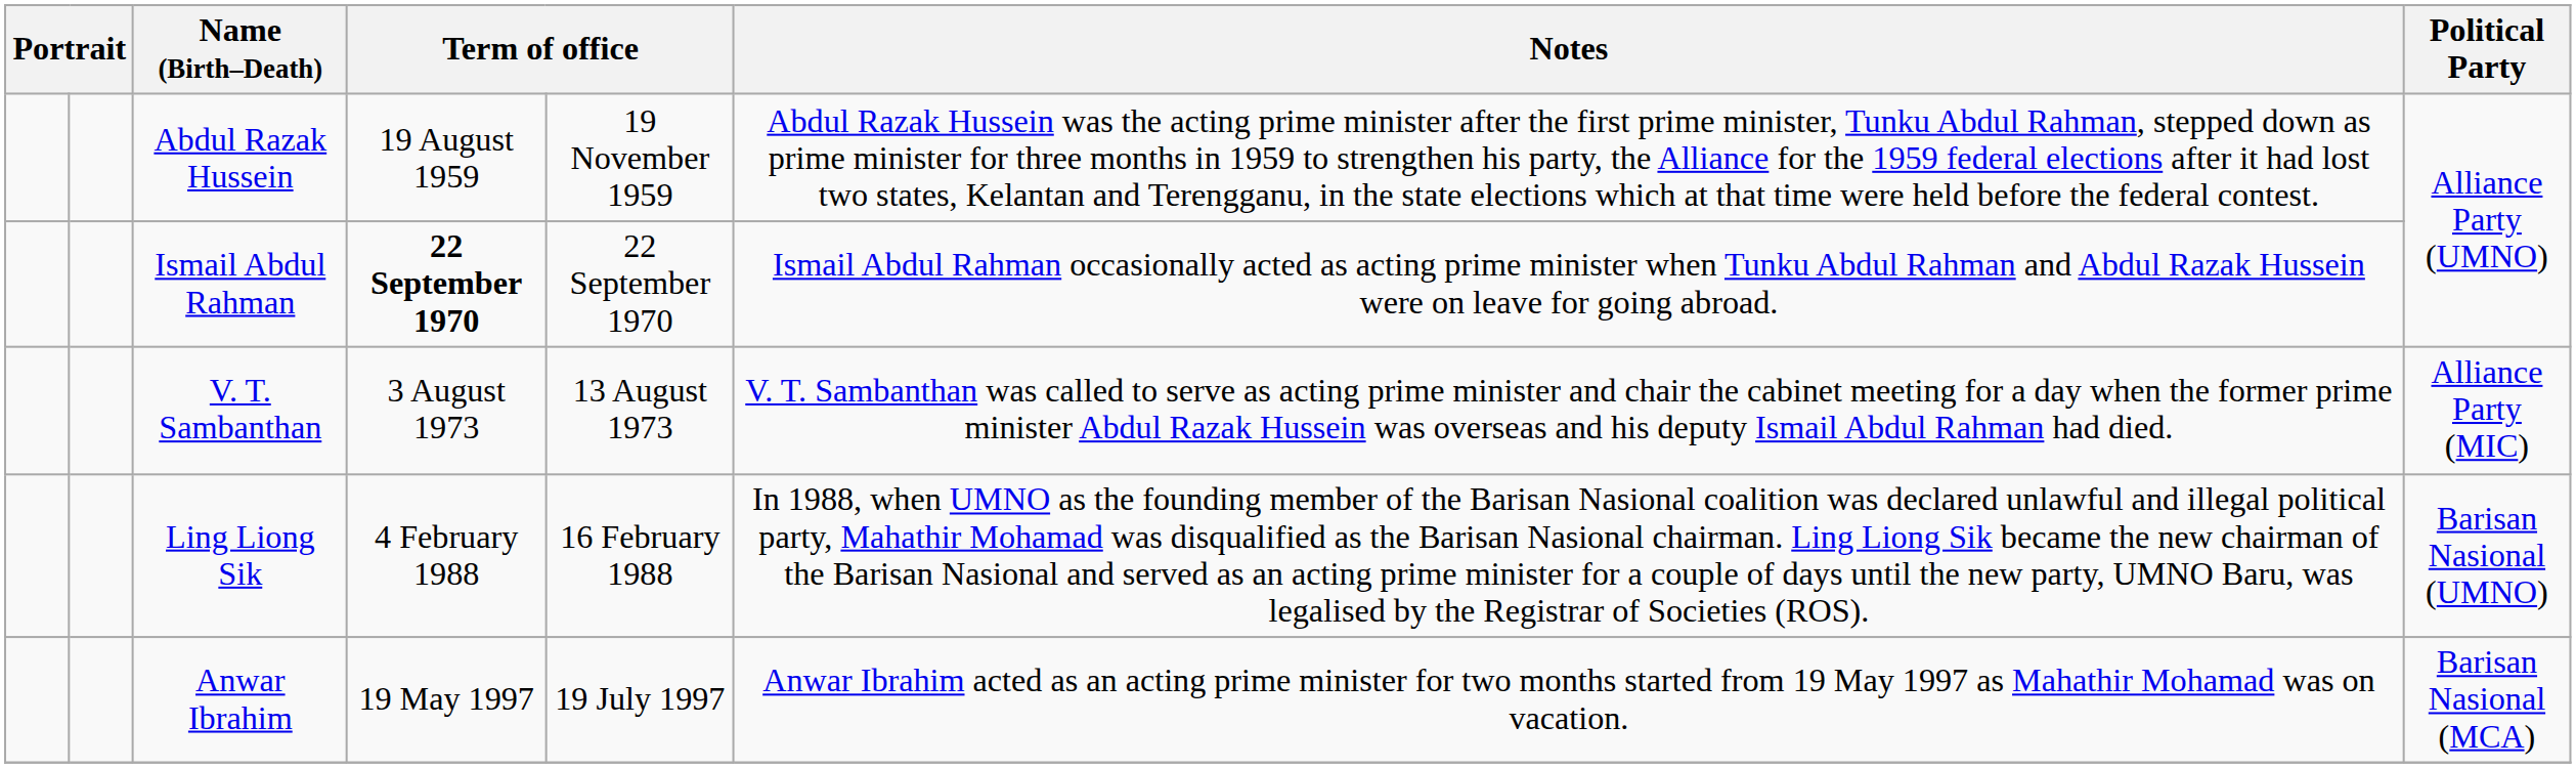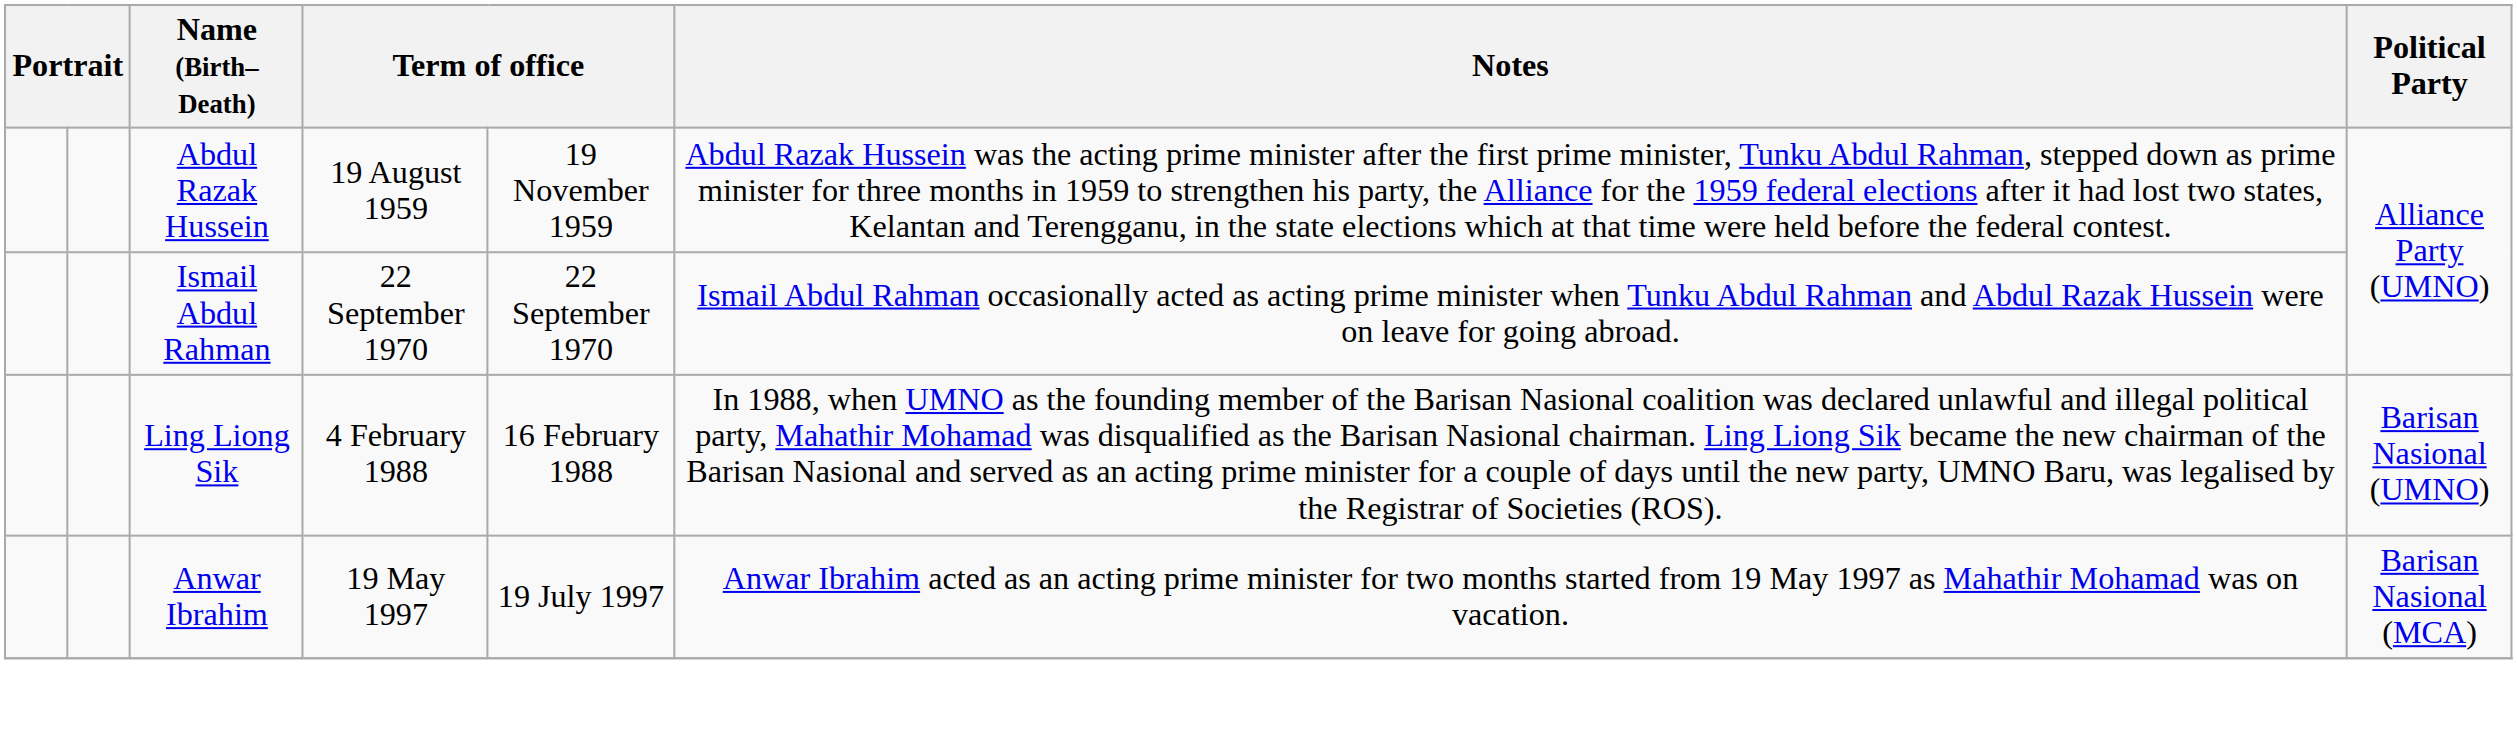 <table class="wikitable" style="text-align:center">
 <tr>
 <th colspan="2">Portrait</th>
 <th>Name<br><small>(Birth–Death)</small></th>
 <th colspan="2">Term of office</th>
 <th>Notes</th>
 <th>Political Party</th>
 </tr>
 <tr>
 <td></td>
 <td></td>
 <td><a href='#'>Abdul Razak Hussein</a><br></td>
 <td>19 August 1959</td>
 <td>19 November 1959</td>
 <td><a href='#'>Abdul Razak Hussein</a> was the acting prime minister after the first prime minister, <a href='#'>Tunku Abdul Rahman</a>, stepped down as prime minister for three months in 1959 to strengthen his party, the <a href='#'>Alliance</a> for the <a href='#'>1959 federal elections</a> after it had lost two states, Kelantan and Terengganu, in the state elections which at that time were held before the federal contest.</td>
 <td rowspan="2"><a href='#'>Alliance Party</a>  <br> (<a href='#'>UMNO</a>)</td>
 </tr>
 <tr>
 <td></td>
 <td></td>
 <td><a href='#'>Ismail Abdul Rahman</a><br></td>
-<td><strong>22 September 1970</strong></td>
+<td>22 September 1970</td>
 <td>22 September 1970</td>
 <td><a href='#'>Ismail Abdul Rahman</a> occasionally acted as acting prime minister when <a href='#'>Tunku Abdul Rahman</a> and <a href='#'>Abdul Razak Hussein</a> were on leave for going abroad.</td>
-</tr>
-<tr>
-<td></td>
-<td></td>
-<td><a href='#'>V. T. Sambanthan</a><br></td>
-<td>3 August 1973</td>
-<td>13 August 1973</td>
-<td><a href='#'>V. T. Sambanthan</a> was called to serve as acting prime minister and chair the cabinet meeting for a day when the former prime minister <a href='#'>Abdul Razak Hussein</a> was overseas and his deputy <a href='#'>Ismail Abdul Rahman</a> had died.</td>
-<td><a href='#'>Alliance Party</a> <br>  (<a href='#'>MIC</a>)</td>
 </tr>
 <tr>
 <td></td>
 <td></td>
 <td><a href='#'>Ling Liong Sik</a><br></td>
 <td>4 February 1988</td>
 <td>16 February 1988</td>
 <td>In 1988, when <a href='#'>UMNO</a> as the founding member of the Barisan Nasional coalition was declared unlawful and illegal political party, <a href='#'>Mahathir Mohamad</a> was disqualified as the Barisan Nasional chairman. <a href='#'>Ling Liong Sik</a> became the new chairman of the Barisan Nasional and served as an acting prime minister for a couple of days until the new party, UMNO Baru, was legalised by the Registrar of Societies (ROS).</td>
 <td><a href='#'>Barisan Nasional</a> <br>  (<a href='#'>UMNO</a>)</td>
 </tr>
 <tr>
 <td></td>
 <td></td>
 <td><a href='#'>Anwar Ibrahim</a><br></td>
 <td>19 May 1997</td>
 <td>19 July 1997</td>
 <td><a href='#'>Anwar Ibrahim</a> acted as an acting prime minister for two months started from 19 May 1997 as <a href='#'>Mahathir Mohamad</a> was on vacation.</td>
 <td><a href='#'>Barisan Nasional</a> <br> (<a href='#'>MCA</a>)</td>
 </tr>
 <tr>
 </tr>
 </table>
